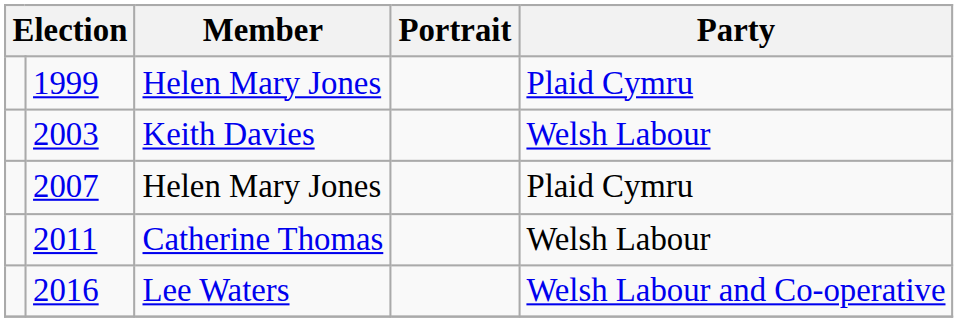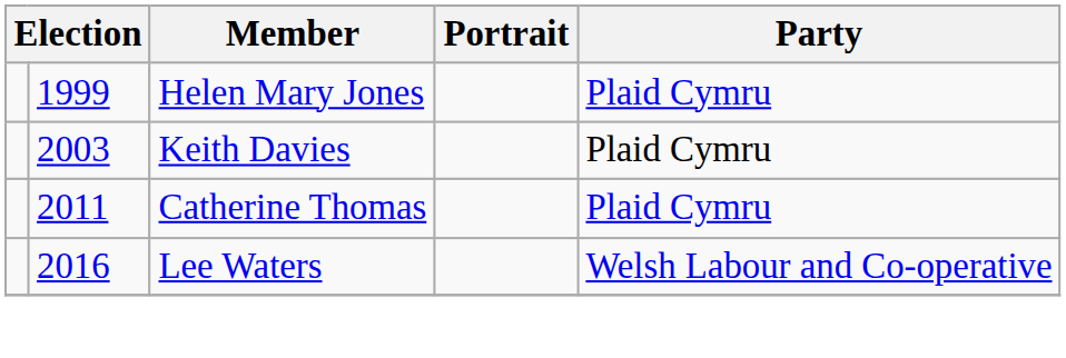 <table class="wikitable">
 <tr>
 <th colspan="2">Election</th>
 <th>Member</th>
 <th>Portrait</th>
 <th>Party</th>
 </tr>
 <tr>
 <td style="background-color: "></td>
 <td><a href='#'>1999</a></td>
 <td><a href='#'>Helen Mary Jones</a></td>
 <td></td>
 <td><a href='#'>Plaid Cymru</a></td>
 </tr>
 <tr>
 <td style="background-color: "></td>
 <td><a href='#'>2003</a></td>
 <td><a href='#'>Keith Davies</a></td>
 <td></td>
-<td><a href='#'>Welsh Labour</a></td>
-</tr>
-<tr>
-<td style="background-color: "></td>
-<td><a href='#'>2007</a></td>
-<td>Helen Mary Jones</td>
-<td></td>
 <td>Plaid Cymru</td>
 </tr>
 <tr>
 <td style="background-color: "></td>
 <td><a href='#'>2011</a></td>
 <td><a href='#'>Catherine Thomas</a></td>
 <td></td>
-<td>Welsh Labour</td>
+<td><a href='#'>Plaid Cymru</a></td>
 </tr>
 <tr>
 <td style="background-color: "></td>
 <td><a href='#'>2016</a></td>
 <td><a href='#'>Lee Waters</a></td>
 <td></td>
 <td><a href='#'>Welsh Labour and Co-operative</a></td>
 </tr>
 <tr>
 </tr>
 </table>
